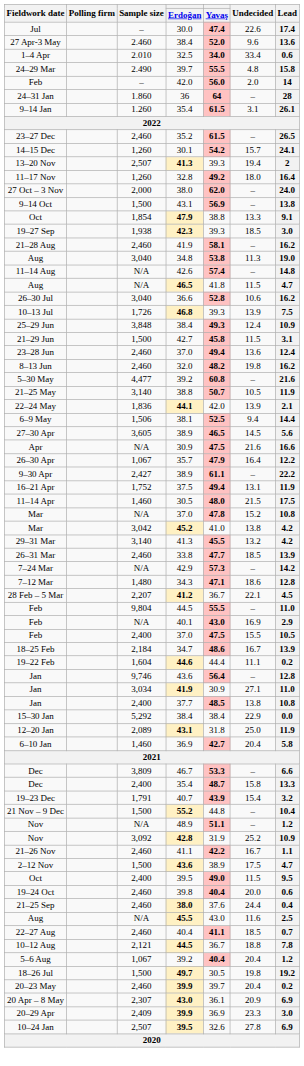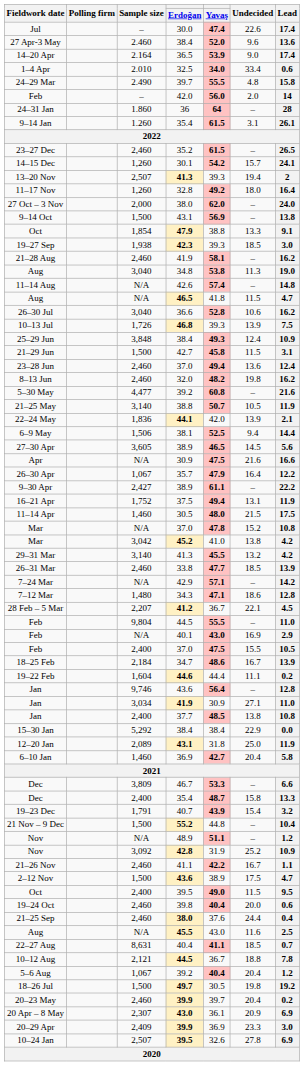 <table class="wikitable mw-datatable mw-collapsible mw-collapsed" style="text-align:center; font-size:85%; line-height:14px;">
 <tr>
 <th rowspan="2">Fieldwork date</th>
 <th rowspan="2">Polling firm</th>
 <th rowspan="2">Sample size</th>
 <th style="background:"></th>
 <th style="background:"></th>
 <th rowspan="2">Undecided</th>
 <th rowspan="2">Lead</th>
 </tr>
 <tr>
 <th><a href='#'>Erdoğan</a><br></th>
 <th><a href='#'>Yavaş</a><br></th>
 </tr>
 <tr>
 <td>Jul</td>
 <td></td>
 <td>–</td>
 <td>30.0</td>
 <td style="background:#FFC2C2"><strong>47.4</strong></td>
 <td>22.6</td>
 <th style="background:">17.4</th>
 </tr>
 <tr>
 <td>27 Apr-3 May</td>
 <td></td>
 <td>2.460</td>
 <td>38.4</td>
 <td style="background:#FFC2C2"><strong>52.0</strong></td>
 <td>9.6</td>
 <th style="background:">13.6</th>
+</tr>
+<tr>
+<td>14–20 Apr</td>
+<td></td>
+<td>2.164</td>
+<td>36.5</td>
+<td style="background:#FFC2C2"><strong>53.9</strong></td>
+<td>9.0</td>
+<th style="background:">17.4</th>
 </tr>
 <tr>
 <td>1–4 Apr</td>
 <td></td>
 <td>2.010</td>
 <td>32.5</td>
 <td style="background:#FFC2C2"><strong>34.0</strong></td>
 <td>33.4</td>
 <th style="background:">0.6</th>
 </tr>
 <tr>
 <td>24–29 Mar</td>
 <td></td>
 <td>2.490</td>
 <td>39.7</td>
 <td style="background:#FFC2C2"><strong>55.5</strong></td>
 <td>4.8</td>
 <th style="background:">15.8</th>
 </tr>
 <tr>
 <td>Feb</td>
 <td></td>
 <td>–</td>
 <td>42.0</td>
 <td style="background:#FFC2C2"><strong>56.0</strong></td>
 <td>2.0</td>
 <th style="background:">14</th>
 </tr>
 <tr>
 <td>24–31 Jan</td>
 <td></td>
 <td>1.860</td>
 <td>36</td>
 <td style="background:#FFC2C2"><strong>64</strong></td>
 <td>–</td>
 <th style="background:">28</th>
 </tr>
 <tr>
 <td>9–14 Jan</td>
 <td></td>
 <td>1.260</td>
 <td>35.4</td>
 <td style="background:#FFC2C2"><strong>61.5</strong></td>
 <td>3.1</td>
 <th style="background:">26.1</th>
 </tr>
 <tr>
 <th colspan=7>2022</th>
 </tr>
 <tr>
 <td>23–27 Dec</td>
 <td></td>
 <td>2,460</td>
 <td>35.2</td>
 <td style="background:#FFC2C2"><strong>61.5</strong></td>
 <td>–</td>
 <th style="background:">26.5</th>
 </tr>
 <tr>
 <td>14–15 Dec</td>
 <td></td>
 <td>1,260</td>
 <td>30.1</td>
 <td style="background:#FFC2C2"><strong>54.2</strong></td>
 <td>15.7</td>
 <th style="background:">24.1</th>
 </tr>
 <tr>
 <td>13–20 Nov</td>
 <td></td>
 <td>2,507</td>
 <td style="background:#FFF1C4"><strong>41.3</strong></td>
 <td>39.3</td>
 <td>19.4</td>
 <th style="background:">2</th>
 </tr>
 <tr>
 <td>11–17 Nov</td>
 <td></td>
 <td>1,260</td>
 <td>32.8</td>
 <td style="background:#FFC2C2"><strong>49.2</strong></td>
 <td>18.0</td>
 <th style="background:">16.4</th>
 </tr>
 <tr>
 <td>27 Oct – 3 Nov</td>
 <td></td>
 <td>2,000</td>
 <td>38.0</td>
 <td style="background:#FFC2C2"><strong>62.0</strong></td>
 <td>–</td>
 <th style="background:">24.0</th>
 </tr>
 <tr>
 <td>9–14 Oct</td>
 <td></td>
 <td>1,500</td>
 <td>43.1</td>
 <td style="background:#FFC2C2"><strong>56.9</strong></td>
 <td>–</td>
 <th style="background:">13.8</th>
 </tr>
 <tr>
 <td>Oct</td>
 <td></td>
 <td>1,854</td>
 <td style="background:#FFF1C4"><strong>47.9</strong></td>
 <td>38.8</td>
 <td>13.3</td>
 <th style="background:">9.1</th>
 </tr>
 <tr>
 <td>19–27 Sep</td>
 <td></td>
 <td>1,938</td>
 <td style="background:#FFF1C4"><strong>42.3</strong></td>
 <td>39.3</td>
 <td>18.5</td>
 <th style="background:">3.0</th>
 </tr>
 <tr>
 <td>21–28 Aug</td>
 <td></td>
 <td>2,460</td>
 <td>41.9</td>
 <td style="background:#FFC2C2"><strong>58.1</strong></td>
 <td>–</td>
 <th style="background:">16.2</th>
 </tr>
 <tr>
 <td>Aug</td>
 <td></td>
 <td>3,040</td>
 <td>34.8</td>
 <td style="background:#FFC2C2"><strong>53.8</strong></td>
 <td>11.3</td>
 <th style="background:">19.0</th>
 </tr>
 <tr>
 <td>11–14 Aug</td>
 <td></td>
 <td>N/A</td>
 <td>42.6</td>
 <td style="background:#FFC2C2"><strong>57.4</strong></td>
 <td>–</td>
 <th style="background:">14.8</th>
 </tr>
 <tr>
 <td>Aug</td>
 <td></td>
 <td>N/A</td>
 <td style="background:#FFF1C4"><strong>46.5</strong></td>
 <td>41.8</td>
 <td>11.5</td>
 <th style="background:">4.7</th>
 </tr>
 <tr>
 <td>26–30 Jul</td>
 <td></td>
 <td>3,040</td>
 <td>36.6</td>
 <td style="background:#FFC2C2"><strong>52.8</strong></td>
 <td>10.6</td>
 <th style="background:">16.2</th>
 </tr>
 <tr>
 <td>10–13 Jul</td>
 <td></td>
 <td>1,726</td>
 <td style="background:#FFF1C4"><strong>46.8</strong></td>
 <td>39.3</td>
 <td>13.9</td>
 <th style="background:">7.5</th>
 </tr>
 <tr>
 <td>25–29 Jun</td>
 <td></td>
 <td>3,848</td>
 <td>38.4</td>
 <td style="background:#FFC2C2"><strong>49.3</strong></td>
 <td>12.4</td>
 <th style="background:">10.9</th>
 </tr>
 <tr>
 <td>21–29 Jun</td>
 <td></td>
 <td>1,500</td>
 <td>42.7</td>
 <td style="background:#FFC2C2"><strong>45.8</strong></td>
 <td>11.5</td>
 <th style="background:">3.1</th>
 </tr>
 <tr>
 <td>23–28 Jun</td>
 <td></td>
 <td>2,460</td>
 <td>37.0</td>
 <td style="background:#FFC2C2"><strong>49.4</strong></td>
 <td>13.6</td>
 <th style="background:">12.4</th>
 </tr>
 <tr>
 <td>8–13 Jun</td>
 <td></td>
 <td>2,460</td>
 <td>32.0</td>
 <td style="background:#FFC2C2"><strong>48.2</strong></td>
 <td>19.8</td>
 <th style="background:">16.2</th>
 </tr>
 <tr>
 <td>5–30 May</td>
 <td></td>
 <td>4,477</td>
 <td>39.2</td>
 <td style="background:#FFC2C2"><strong>60.8</strong></td>
 <td>–</td>
 <th style="background:">21.6</th>
 </tr>
 <tr>
 <td>21–25 May</td>
 <td></td>
 <td>3,140</td>
 <td>38.8</td>
 <td style="background:#FFC2C2"><strong>50.7</strong></td>
 <td>10.5</td>
 <th style="background:">11.9</th>
 </tr>
 <tr>
 <td>22–24 May</td>
 <td></td>
 <td>1,836</td>
 <td style="background:#FFF1C4"><strong>44.1</strong></td>
 <td>42.0</td>
 <td>13.9</td>
 <th style="background:">2.1</th>
 </tr>
 <tr>
 <td>6–9 May</td>
 <td></td>
 <td>1,506</td>
 <td>38.1</td>
 <td style="background:#FFC2C2"><strong>52.5</strong></td>
 <td>9.4</td>
 <th style="background:">14.4</th>
 </tr>
 <tr>
 <td>27–30 Apr</td>
 <td></td>
 <td>3,605</td>
 <td>38.9</td>
 <td style="background:#FFC2C2"><strong>46.5</strong></td>
 <td>14.5</td>
 <th style="background:">5.6</th>
 </tr>
 <tr>
 <td>Apr</td>
 <td></td>
 <td>N/A</td>
 <td>30.9</td>
 <td style="background:#FFC2C2"><strong>47.5</strong></td>
 <td>21.6</td>
 <th style="background:">16.6</th>
 </tr>
 <tr>
 <td>26–30 Apr</td>
 <td></td>
 <td>1,067</td>
 <td>35.7</td>
 <td style="background:#FFC2C2"><strong>47.9</strong></td>
 <td>16.4</td>
 <th style="background:">12.2</th>
 </tr>
 <tr>
 <td>9–30 Apr</td>
 <td></td>
 <td>2,427</td>
 <td>38.9</td>
 <td style="background:#FFC2C2"><strong>61.1</strong></td>
 <td>–</td>
 <th style="background:">22.2</th>
 </tr>
 <tr>
 <td>16–21 Apr</td>
 <td></td>
 <td>1,752</td>
 <td>37.5</td>
 <td style="background:#FFC2C2"><strong>49.4</strong></td>
 <td>13.1</td>
 <th style="background:">11.9</th>
 </tr>
 <tr>
 <td>11–14 Apr</td>
 <td></td>
 <td>1,460</td>
 <td>30.5</td>
 <td style="background:#FFC2C2"><strong>48.0</strong></td>
 <td>21.5</td>
 <th style="background:">17.5</th>
 </tr>
 <tr>
 <td>Mar</td>
 <td></td>
 <td>N/A</td>
 <td>37.0</td>
 <td style="background:#FFC2C2"><strong>47.8</strong></td>
 <td>15.2</td>
 <th style="background:">10.8</th>
 </tr>
 <tr>
 <td>Mar</td>
 <td></td>
 <td>3,042</td>
 <td style="background:#FFF1C4"><strong>45.2</strong></td>
 <td>41.0</td>
 <td>13.8</td>
 <th style="background:">4.2</th>
 </tr>
 <tr>
 <td>29–31 Mar</td>
 <td></td>
 <td>3,140</td>
 <td>41.3</td>
 <td style="background:#FFC2C2"><strong>45.5</strong></td>
 <td>13.2</td>
 <th style="background:">4.2</th>
 </tr>
 <tr>
 <td>26–31 Mar</td>
 <td></td>
 <td>2,460</td>
 <td>33.8</td>
 <td style="background:#FFC2C2"><strong>47.7</strong></td>
 <td>18.5</td>
 <th style="background:">13.9</th>
 </tr>
 <tr>
 <td>7–24 Mar</td>
 <td></td>
 <td>N/A</td>
 <td>42.9</td>
-<td style="background:#FFC2C2"><strong>57.3</strong></td>
+<td style="background:#FFC2C2"><strong>57.1</strong></td>
 <td>–</td>
 <th style="background:">14.2</th>
 </tr>
 <tr>
 <td>7–12 Mar</td>
 <td></td>
 <td>1,480</td>
 <td>34.3</td>
 <td style="background:#FFC2C2"><strong>47.1</strong></td>
 <td>18.6</td>
 <th style="background:">12.8</th>
 </tr>
 <tr>
 <td>28 Feb – 5 Mar</td>
 <td></td>
 <td>2,207</td>
 <td style="background:#FFF1C4"><strong>41.2</strong></td>
 <td>36.7</td>
 <td>22.1</td>
 <th style="background:">4.5</th>
 </tr>
 <tr>
 <td>Feb</td>
 <td></td>
 <td>9,804</td>
 <td>44.5</td>
 <td style="background:#FFC2C2"><strong>55.5</strong></td>
 <td>–</td>
 <th style="background:">11.0</th>
 </tr>
 <tr>
 <td>Feb</td>
 <td></td>
 <td>N/A</td>
 <td>40.1</td>
 <td style="background:#FFC2C2"><strong>43.0</strong></td>
 <td>16.9</td>
 <th style="background:">2.9</th>
 </tr>
 <tr>
 <td>Feb</td>
 <td></td>
 <td>2,400</td>
 <td>37.0</td>
 <td style="background:#FFC2C2"><strong>47.5</strong></td>
 <td>15.5</td>
 <th style="background:">10.5</th>
 </tr>
 <tr>
 <td>18–25 Feb</td>
 <td></td>
 <td>2,184</td>
 <td>34.7</td>
 <td style="background:#FFC2C2"><strong>48.6</strong></td>
 <td>16.7</td>
 <th style="background:">13.9</th>
 </tr>
 <tr>
 <td>19–22 Feb</td>
 <td></td>
 <td>1,604</td>
 <td style="background:#FFF1C4"><strong>44.6</strong></td>
 <td>44.4</td>
 <td>11.1</td>
 <th style="background:">0.2</th>
 </tr>
 <tr>
 <td>Jan</td>
 <td></td>
 <td>9,746</td>
 <td>43.6</td>
 <td style="background:#FFC2C2"><strong>56.4</strong></td>
 <td>–</td>
 <th style="background:">12.8</th>
 </tr>
 <tr>
 <td>Jan</td>
 <td></td>
 <td>3,034</td>
 <td style="background:#FFF1C4"><strong>41.9</strong></td>
 <td>30.9</td>
 <td>27.1</td>
 <th style="background:">11.0</th>
 </tr>
 <tr>
 <td>Jan</td>
 <td></td>
 <td>2,400</td>
 <td>37.7</td>
 <td style="background:#FFC2C2"><strong>48.5</strong></td>
 <td>13.8</td>
 <th style="background:">10.8</th>
 </tr>
 <tr>
 <td>15–30 Jan</td>
 <td></td>
 <td>5,292</td>
 <td>38.4</td>
 <td>38.4</td>
 <td>22.9</td>
 <th>0.0</th>
 </tr>
 <tr>
 <td>12–20 Jan</td>
 <td></td>
 <td>2,089</td>
 <td style="background:#FFF1C4"><strong>43.1</strong></td>
 <td>31.8</td>
 <td>25.0</td>
 <th style="background:">11.9</th>
 </tr>
 <tr>
 <td>6–10 Jan</td>
 <td></td>
 <td>1,460</td>
 <td>36.9</td>
 <td style="background:#FFC2C2"><strong>42.7</strong></td>
 <td>20.4</td>
 <th style="background:">5.8</th>
 </tr>
 <tr>
 <th colspan=7>2021</th>
 </tr>
 <tr>
 <td>Dec</td>
 <td></td>
 <td>3,809</td>
 <td>46.7</td>
 <td style="background:#FFC2C2"><strong>53.3</strong></td>
 <td>–</td>
 <th style="background:">6.6</th>
 </tr>
 <tr>
 <td>Dec</td>
 <td></td>
 <td>2,400</td>
 <td>35.4</td>
 <td style="background:#FFC2C2"><strong>48.7</strong></td>
 <td>15.8</td>
 <th style="background:">13.3</th>
 </tr>
 <tr>
 <td>19–23 Dec</td>
 <td></td>
 <td>1,791</td>
 <td>40.7</td>
 <td style="background:#FFC2C2"><strong>43.9</strong></td>
 <td>15.4</td>
 <th style="background:">3.2</th>
 </tr>
 <tr>
 <td>21 Nov – 9 Dec</td>
 <td></td>
 <td>1,500</td>
 <td style="background:#FFF1C4"><strong>55.2</strong></td>
 <td>44.8</td>
 <td>–</td>
 <th style="background:">10.4</th>
 </tr>
 <tr>
 <td>Nov</td>
 <td></td>
 <td>N/A</td>
 <td>48.9</td>
 <td style="background:#FFC2C2"><strong>51.1</strong></td>
 <td>–</td>
 <th style="background:">1.2</th>
 </tr>
 <tr>
 <td>Nov</td>
 <td></td>
 <td>3,092</td>
 <td style="background:#FFF1C4"><strong>42.8</strong></td>
 <td>31.9</td>
 <td>25.2</td>
 <th style="background:">10.9</th>
 </tr>
 <tr>
 <td>21–26 Nov</td>
 <td></td>
 <td>2,460</td>
 <td>41.1</td>
 <td style="background:#FFC2C2"><strong>42.2</strong></td>
 <td>16.7</td>
 <th style="background:">1.1</th>
 </tr>
 <tr>
 <td>2–12 Nov</td>
 <td></td>
 <td>1,500</td>
 <td style="background:#FFF1C4"><strong>43.6</strong></td>
 <td>38.9</td>
 <td>17.5</td>
 <th style="background:">4.7</th>
 </tr>
 <tr>
 <td>Oct</td>
 <td></td>
 <td>2,400</td>
 <td>39.5</td>
 <td style="background:#FFC2C2"><strong>49.0</strong></td>
 <td>11.5</td>
 <th style="background:">9.5</th>
 </tr>
 <tr>
 <td>19–24 Oct</td>
 <td></td>
 <td>2,460</td>
 <td>39.8</td>
 <td style="background:#FFC2C2"><strong>40.4</strong></td>
 <td>20.0</td>
 <th style="background:">0.6</th>
 </tr>
 <tr>
 <td>21–25 Sep</td>
 <td></td>
 <td>2,460</td>
 <td style="background:#FFF1C4"><strong>38.0</strong></td>
 <td>37.6</td>
 <td>24.4</td>
 <th style="background:">0.4</th>
 </tr>
 <tr>
 <td>Aug</td>
 <td></td>
 <td>N/A</td>
 <td style="background:#FFF1C4"><strong>45.5</strong></td>
 <td>43.0</td>
 <td>11.6</td>
 <th style="background:">2.5</th>
 </tr>
 <tr>
 <td>22–27 Aug</td>
 <td></td>
-<td>2,460</td>
+<td>8,631</td>
 <td>40.4</td>
 <td style="background:#FFC2C2"><strong>41.1</strong></td>
 <td>18.5</td>
 <th style="background:">0.7</th>
 </tr>
 <tr>
 <td>10–12 Aug</td>
 <td></td>
 <td>2,121</td>
 <td style="background:#FFF1C4"><strong>44.5</strong></td>
 <td>36.7</td>
 <td>18.8</td>
 <th style="background:">7.8</th>
 </tr>
 <tr>
 <td>5–6 Aug</td>
 <td></td>
 <td>1,067</td>
 <td>39.2</td>
 <td style="background:#FFC2C2"><strong>40.4</strong></td>
 <td>20.4</td>
 <th style="background:">1.2</th>
 </tr>
 <tr>
 <td>18–26 Jul</td>
 <td></td>
 <td>1,500</td>
 <td style="background:#FFF1C4"><strong>49.7</strong></td>
 <td>30.5</td>
 <td>19.8</td>
 <th style="background:">19.2</th>
 </tr>
 <tr>
 <td>20–23 May</td>
 <td></td>
 <td>2,460</td>
 <td style="background:#FFF1C4"><strong>39.9</strong></td>
 <td>39.7</td>
 <td>20.4</td>
 <th style="background:">0.2</th>
 </tr>
 <tr>
 <td>20 Apr – 8 May</td>
 <td></td>
 <td>2,307</td>
 <td style="background:#FFF1C4"><strong>43.0</strong></td>
 <td>36.1</td>
 <td>20.9</td>
 <th style="background:">6.9</th>
 </tr>
 <tr>
 <td>20–29 Apr</td>
 <td></td>
 <td>2,409</td>
 <td style="background:#FFF1C4"><strong>39.9</strong></td>
 <td>36.9</td>
 <td>23.3</td>
 <th style="background:">3.0</th>
 </tr>
 <tr>
 <td>10–24 Jan</td>
 <td></td>
 <td>2,507</td>
 <td style="background:#FFF1C4"><strong>39.5</strong></td>
 <td>32.6</td>
 <td>27.8</td>
 <th style="background:">6.9</th>
 </tr>
 <tr>
 <th colspan=7>2020</th>
 </tr>
 </table>
